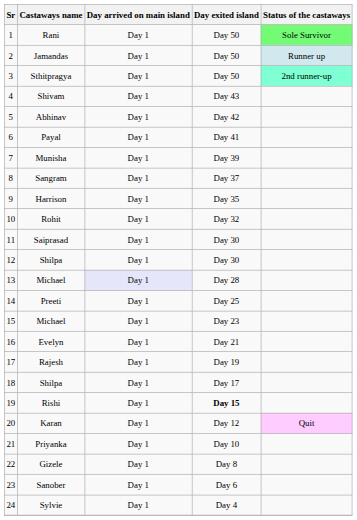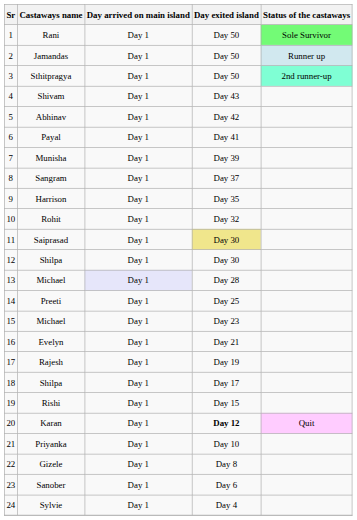 <table class="wikitable sortable" style=" text-align:center; font-size:85%;  line-height:25px; width:auto;">
 <tr>
 <th scope="col">Sr</th>
 <th scope="col">Castaways name</th>
 <th scope="col">Day arrived on main island</th>
 <th scope="col">Day exited island</th>
 <th scope="col">Status of the castaways</th>
 </tr>
 <tr>
 <td>1</td>
 <td>Rani</td>
 <td>Day 1</td>
 <td>Day 50</td>
 <td style ="background:#73FB76;">Sole Survivor</td>
 </tr>
 <tr>
 <td>2</td>
 <td>Jamandas</td>
 <td>Day 1</td>
 <td>Day 50</td>
 <td style ="background:#D1E8EF;">Runner up</td>
 </tr>
 <tr>
 <td>3</td>
 <td>Sthitpragya</td>
 <td>Day 1</td>
 <td>Day 50</td>
 <td style ="background:#7FFFD4;">2nd runner-up</td>
 </tr>
 <tr>
 <td>4</td>
 <td>Shivam</td>
 <td>Day 1</td>
 <td>Day 43</td>
 <td></td>
 </tr>
 <tr>
 <td>5</td>
 <td>Abhinav</td>
 <td>Day 1</td>
 <td>Day 42</td>
 <td></td>
 </tr>
 <tr>
 <td>6</td>
 <td>Payal</td>
 <td>Day 1</td>
 <td>Day 41</td>
 <td></td>
 </tr>
 <tr>
 <td>7</td>
 <td>Munisha</td>
 <td>Day 1</td>
 <td>Day 39</td>
 <td></td>
 </tr>
 <tr>
 <td>8</td>
 <td>Sangram</td>
 <td>Day 1</td>
 <td>Day 37</td>
 <td></td>
 </tr>
 <tr>
 <td>9</td>
 <td>Harrison</td>
 <td>Day 1</td>
 <td>Day 35</td>
 <td></td>
 </tr>
 <tr>
 <td>10</td>
 <td>Rohit</td>
 <td>Day 1</td>
 <td>Day 32</td>
 <td></td>
 </tr>
 <tr>
 <td>11</td>
 <td>Saiprasad</td>
 <td>Day 1</td>
-<td>Day 30</td>
+<td style="background: khaki;">Day 30</td>
 <td></td>
 </tr>
 <tr>
 <td>12</td>
 <td>Shilpa</td>
 <td>Day 1</td>
 <td>Day 30</td>
 <td></td>
 </tr>
 <tr>
 <td>13</td>
 <td>Michael</td>
 <td style="background: lavender;">Day 1</td>
 <td>Day 28</td>
 <td></td>
 </tr>
 <tr>
 <td>14</td>
 <td>Preeti</td>
 <td>Day 1</td>
 <td>Day 25</td>
 <td></td>
 </tr>
 <tr>
 <td>15</td>
 <td>Michael</td>
 <td>Day 1</td>
 <td>Day 23</td>
 <td></td>
 </tr>
 <tr>
 <td>16</td>
 <td>Evelyn</td>
 <td>Day 1</td>
 <td>Day 21</td>
 <td></td>
 </tr>
 <tr>
 <td>17</td>
 <td>Rajesh</td>
 <td>Day 1</td>
 <td>Day 19</td>
 <td></td>
 </tr>
 <tr>
 <td>18</td>
 <td>Shilpa</td>
 <td>Day 1</td>
 <td>Day 17</td>
 <td></td>
 </tr>
 <tr>
 <td>19</td>
 <td>Rishi</td>
 <td>Day 1</td>
-<td><strong>Day 15</strong></td>
+<td>Day 15</td>
 <td></td>
 </tr>
 <tr>
 <td>20</td>
 <td>Karan</td>
 <td>Day 1</td>
-<td>Day 12</td>
+<td><strong>Day 12</strong></td>
 <td style="background:#fcf;">Quit</td>
 </tr>
 <tr>
 <td>21</td>
 <td>Priyanka</td>
 <td>Day 1</td>
 <td>Day 10</td>
 <td></td>
 </tr>
 <tr>
 <td>22</td>
 <td>Gizele</td>
 <td>Day 1</td>
 <td>Day 8</td>
 <td></td>
 </tr>
 <tr>
 <td>23</td>
 <td>Sanober</td>
 <td>Day 1</td>
 <td>Day 6</td>
 <td></td>
 </tr>
 <tr>
 <td>24</td>
 <td>Sylvie</td>
 <td>Day 1</td>
 <td>Day 4</td>
 <td></td>
 </tr>
 <tr>
 </tr>
 </table>
